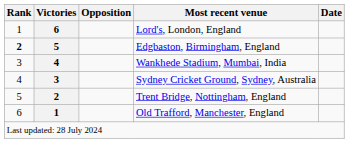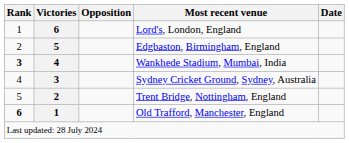 <table class="wikitable plainrowheaders sortable">
 <tr>
 <th scope=col>Rank</th>
 <th scope=col>Victories</th>
 <th scope=col>Opposition</th>
 <th scope=col>Most recent venue</th>
 <th scope=col>Date</th>
 </tr>
 <tr>
 <td align=center>1</td>
 <th scope=row style=text-align:center;>6</th>
 <td></td>
 <td><a href='#'>Lord's</a>, London, England</td>
 <td><a href='#'></a></td>
 </tr>
 <tr>
-<td align=center><strong>2</strong></td>
+<td align=center>2</td>
 <th scope=row style=text-align:center;>5</th>
 <td></td>
 <td><a href='#'>Edgbaston</a>, <a href='#'>Birmingham</a>, England</td>
 <td><a href='#'></a></td>
 </tr>
 <tr>
-<td align=center>3</td>
+<td align=center><strong>3</strong></td>
 <th scope=row style=text-align:center;>4</th>
 <td></td>
 <td><a href='#'>Wankhede Stadium</a>, <a href='#'>Mumbai</a>, India</td>
 <td><a href='#'></a></td>
 </tr>
 <tr>
 <td align=center>4</td>
 <th scope=row style=text-align:center;>3</th>
 <td></td>
 <td><a href='#'>Sydney Cricket Ground</a>, <a href='#'>Sydney</a>, Australia</td>
 <td><a href='#'></a></td>
 </tr>
 <tr>
 <td align=center>5</td>
 <th scope=row style=text-align:center;>2</th>
 <td></td>
 <td><a href='#'>Trent Bridge</a>, <a href='#'>Nottingham</a>, England</td>
 <td><a href='#'></a></td>
 </tr>
 <tr>
-<td align=center>6</td>
+<td align=center><strong>6</strong></td>
 <th scope=row style=text-align:center;>1</th>
 <td></td>
 <td><a href='#'>Old Trafford</a>, <a href='#'>Manchester</a>, England</td>
 <td><a href='#'></a></td>
 </tr>
 <tr class=sortbottom>
 <td colspan=5><small>Last updated: 28 July 2024</small></td>
 </tr>
 </table>
